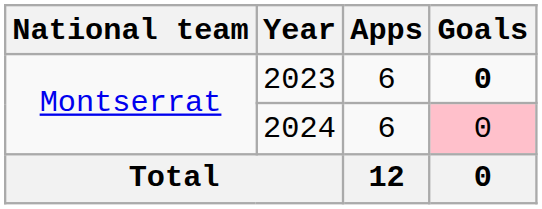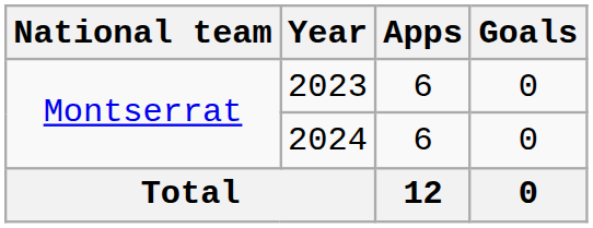 <table class="wikitable" style="text-align:center">
 <tr>
 <th>National team</th>
 <th>Year</th>
 <th>Apps</th>
 <th>Goals</th>
 </tr>
 <tr>
 <td rowspan="2"><a href='#'>Montserrat</a></td>
 <td>2023</td>
 <td>6</td>
-<td><strong>0</strong></td>
+<td>0</td>
 </tr>
 <tr>
 <td>2024</td>
 <td>6</td>
-<td style="background: pink;">0</td>
+<td>0</td>
 </tr>
 <tr>
 <th colspan="2">Total</th>
 <th>12</th>
 <th>0</th>
 </tr>
 </table>
